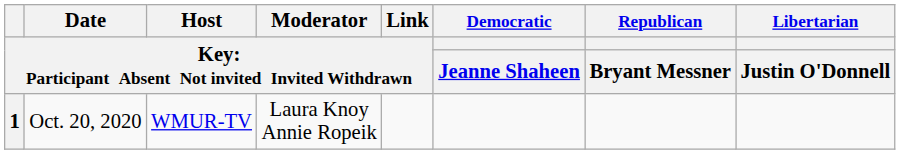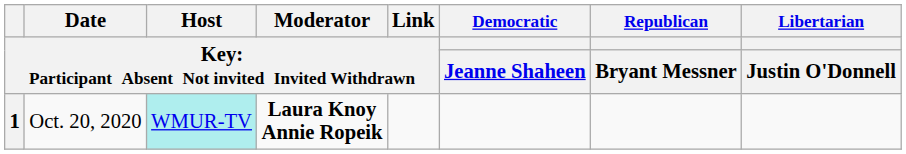 <table class="wikitable" style="text-align:center;">
 <tr>
 <th scope="col"></th>
 <th scope="col">Date</th>
 <th scope="col">Host</th>
 <th scope="col">Moderator</th>
 <th scope="col">Link</th>
 <th scope="col"><small><a href='#'>Democratic</a></small></th>
 <th scope="col"><small><a href='#'>Republican</a></small></th>
 <th scope="col"><small><a href='#'>Libertarian</a></small></th>
 </tr>
 <tr>
 <th colspan="5" rowspan="2">Key:<br> <small>Participant </small>  <small>Absent </small>  <small>Not invited </small>  <small>Invited  Withdrawn</small></th>
 <th scope="col" style="background:"></th>
 <th scope="col" style="background:"></th>
 <th scope="col" style="background:"></th>
 </tr>
 <tr>
 <th scope="col"><a href='#'>Jeanne Shaheen</a></th>
 <th scope="col">Bryant Messner</th>
 <th scope="col">Justin O'Donnell</th>
 </tr>
 <tr>
 <th>1</th>
 <td style="white-space:nowrap;">Oct. 20, 2020</td>
-<td style="white-space:nowrap;"><a href='#'>WMUR-TV</a></td>
-<td style="white-space:nowrap;">Laura Knoy<br>Annie Ropeik</td>
+<td style="background: paleturquoise; white-space:nowrap;"><a href='#'>WMUR-TV</a></td>
+<td style="white-space:nowrap;"><strong>Laura Knoy<br>Annie Ropeik</strong></td>
 <td style="white-space:nowrap;"></td>
 <td></td>
 <td></td>
 <td></td>
 </tr>
 </table>
